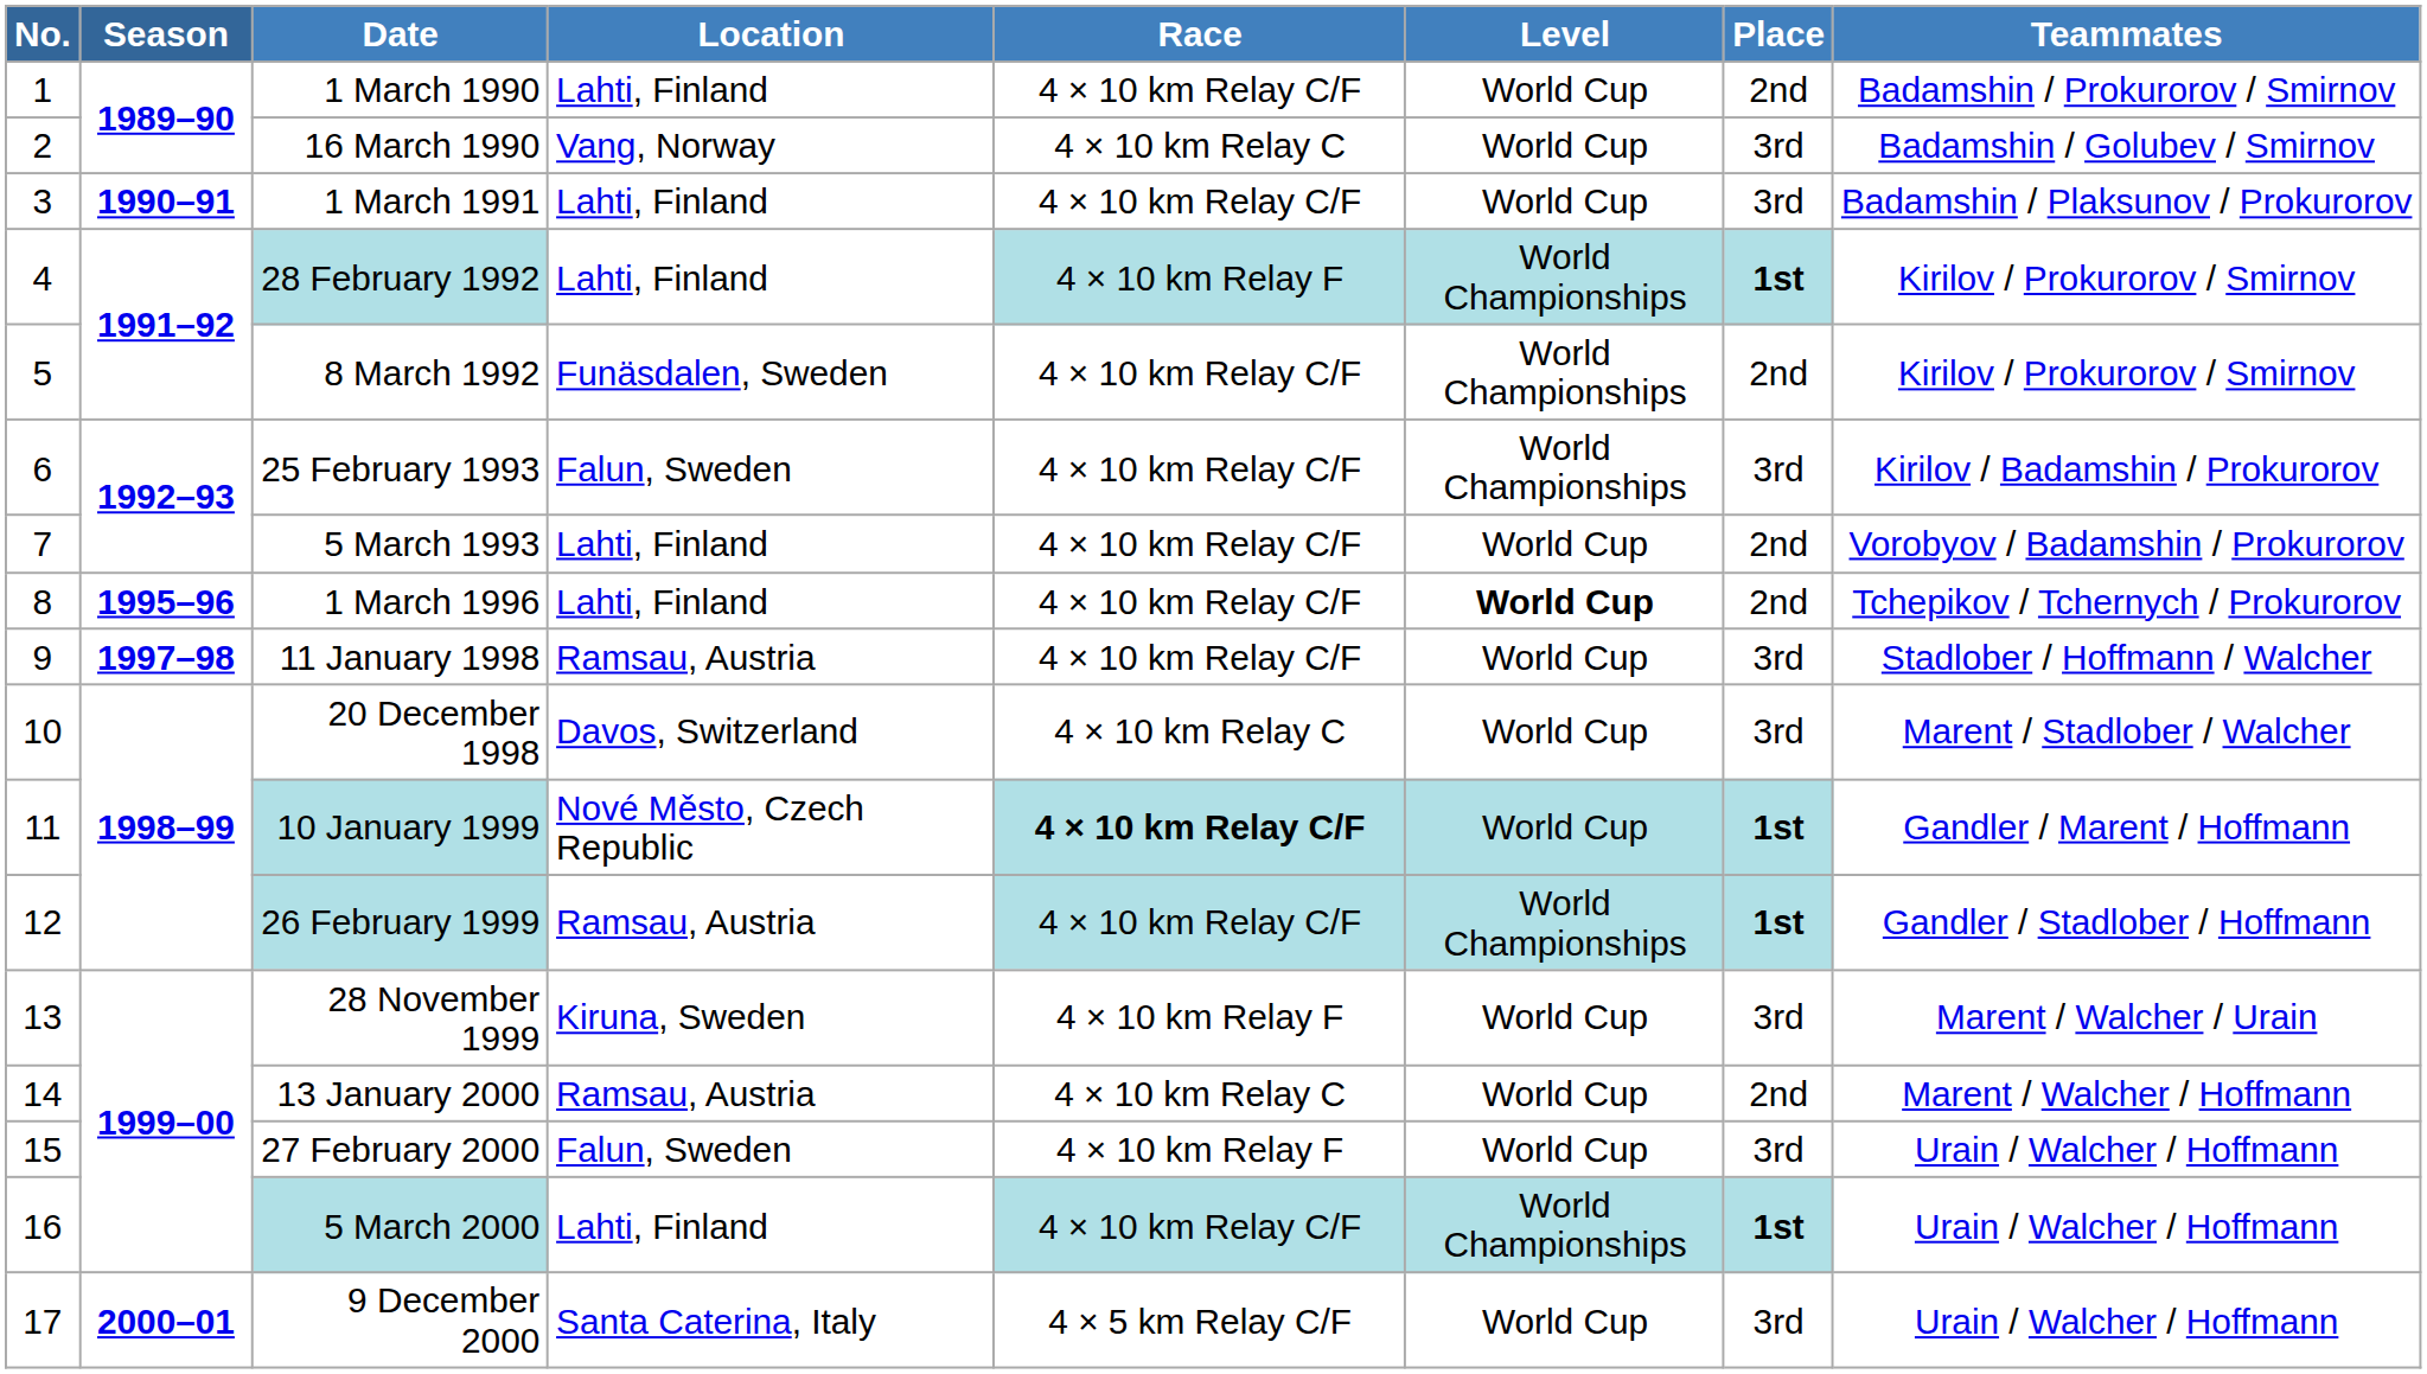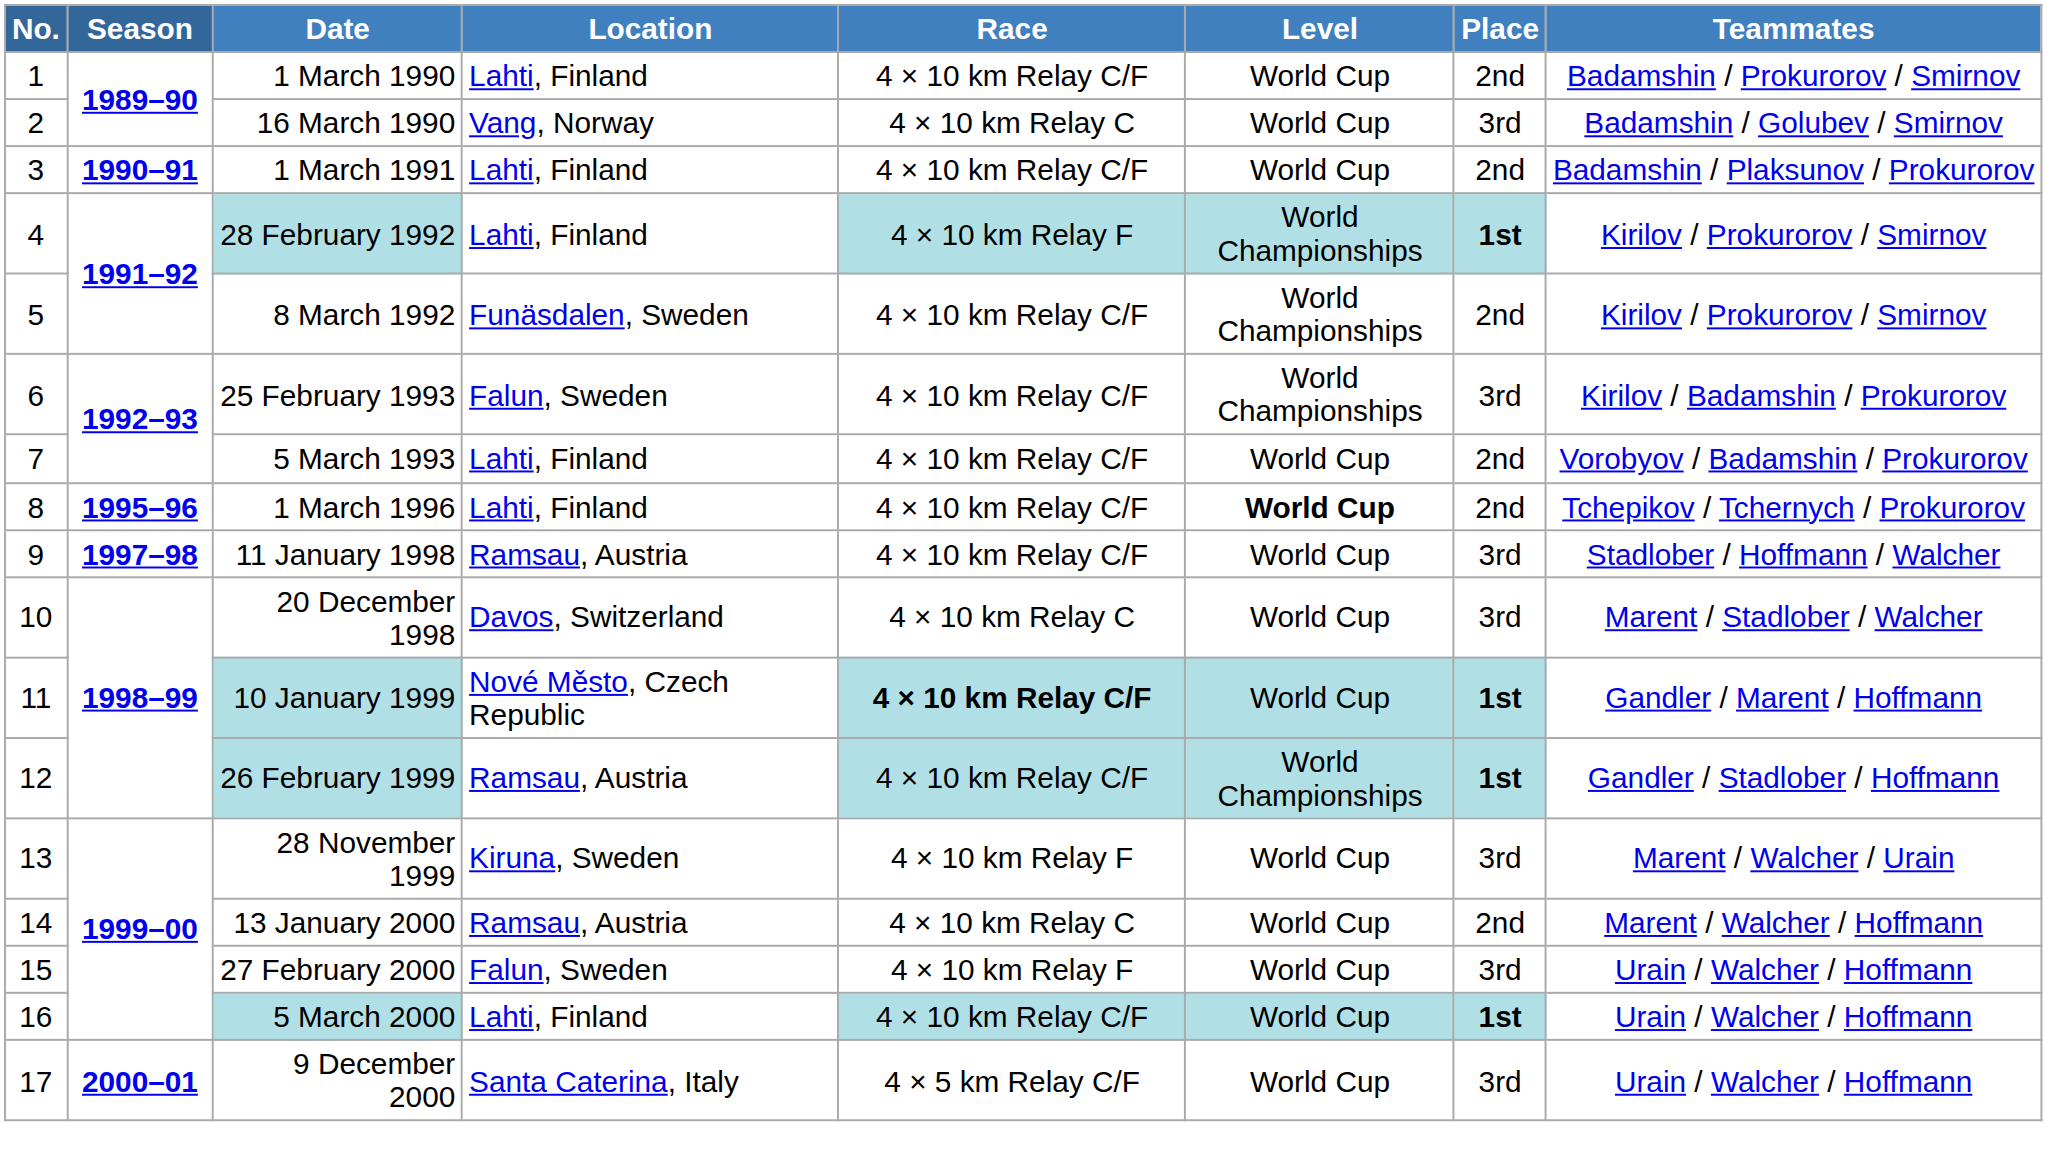 <table class="wikitable sortable" style="font-size:95%; text-align:center; border:grey solid 1px; border-collapse:collapse; background:#ffffff;">
 <tr style="background:#efefef;">
 <th style="background-color:#369; color:white;">No.</th>
 <th style="background-color:#369; color:white;">Season</th>
 <th style="background-color:#4180be; color:white; width:120px;">Date</th>
 <th style="background-color:#4180be; color:white; width:185px;">Location</th>
 <th style="background-color:#4180be; color:white; width:170px;">Race</th>
 <th style="background-color:#4180be; color:white; width:130px;">Level</th>
 <th style="background-color:#4180be; color:white;">Place</th>
 <th style="background-color:#4180be; color:white;">Teammates</th>
 </tr>
 <tr>
 <td align=center>1</td>
 <td rowspan=2 align=center><strong> <a href='#'>1989–90</a> </strong></td>
 <td align=right>1 March 1990</td>
 <td align=left> <a href='#'>Lahti</a>, Finland</td>
 <td>4 × 10 km Relay C/F</td>
 <td>World Cup</td>
 <td>2nd</td>
 <td><a href='#'>Badamshin</a> / <a href='#'>Prokurorov</a> / <a href='#'>Smirnov</a></td>
 </tr>
 <tr>
 <td align=center>2</td>
 <td align=right>16 March 1990</td>
 <td align=left> <a href='#'>Vang</a>, Norway</td>
 <td>4 × 10 km Relay C</td>
 <td>World Cup</td>
 <td>3rd</td>
 <td><a href='#'>Badamshin</a> / <a href='#'>Golubev</a> / <a href='#'>Smirnov</a></td>
 </tr>
 <tr>
 <td align=center>3</td>
 <td rowspan=1 align=center><strong> <a href='#'>1990–91</a> </strong></td>
 <td align=right>1 March 1991</td>
 <td align=left> <a href='#'>Lahti</a>, Finland</td>
 <td>4 × 10 km Relay C/F</td>
 <td>World Cup</td>
-<td>3rd</td>
+<td>2nd</td>
 <td><a href='#'>Badamshin</a> / <a href='#'>Plaksunov</a> / <a href='#'>Prokurorov</a></td>
 </tr>
 <tr>
 <td align=center>4</td>
 <td rowspan=2 align=center><strong><a href='#'>1991–92</a></strong></td>
 <td bgcolor="#BOEOE6" align=right>28 February 1992</td>
 <td align=left> <a href='#'>Lahti</a>, Finland</td>
 <td bgcolor="#BOEOE6">4 × 10 km Relay F</td>
 <td bgcolor="#BOEOE6">World Championships</td>
 <td bgcolor="#BOEOE6"><strong>1st</strong></td>
 <td><a href='#'>Kirilov</a> / <a href='#'>Prokurorov</a> / <a href='#'>Smirnov</a></td>
 </tr>
 <tr>
 <td align=center>5</td>
 <td align=right>8 March 1992</td>
 <td align=left> <a href='#'>Funäsdalen</a>, Sweden</td>
 <td>4 × 10 km Relay C/F</td>
 <td>World Championships</td>
 <td>2nd</td>
 <td><a href='#'>Kirilov</a> / <a href='#'>Prokurorov</a> / <a href='#'>Smirnov</a></td>
 </tr>
 <tr>
 <td align=center>6</td>
 <td rowspan=2 align=center><strong> <a href='#'>1992–93</a> </strong></td>
 <td align=right>25 February 1993</td>
 <td align=left> <a href='#'>Falun</a>, Sweden</td>
 <td>4 × 10 km Relay C/F</td>
 <td>World Championships</td>
 <td>3rd</td>
 <td><a href='#'>Kirilov</a> / <a href='#'>Badamshin</a> / <a href='#'>Prokurorov</a></td>
 </tr>
 <tr>
 <td align=center>7</td>
 <td align=right>5 March 1993</td>
 <td align=left> <a href='#'>Lahti</a>, Finland</td>
 <td>4 × 10 km Relay C/F</td>
 <td>World Cup</td>
 <td>2nd</td>
 <td><a href='#'>Vorobyov</a> / <a href='#'>Badamshin</a> / <a href='#'>Prokurorov</a></td>
 </tr>
 <tr>
 <td align=center>8</td>
 <td rowspan=1 align=center><strong> <a href='#'>1995–96</a> </strong></td>
 <td align=right>1 March 1996</td>
 <td align=left> <a href='#'>Lahti</a>, Finland</td>
 <td>4 × 10 km Relay C/F</td>
 <td><strong>World Cup</strong></td>
 <td>2nd</td>
 <td><a href='#'>Tchepikov</a> / <a href='#'>Tchernych</a> / <a href='#'>Prokurorov</a></td>
 </tr>
 <tr>
 <td align=center>9</td>
 <td rowspan=1 align=center><strong> <a href='#'>1997–98</a> </strong></td>
 <td align=right>11 January 1998</td>
 <td align=left> <a href='#'>Ramsau</a>, Austria</td>
 <td>4 × 10 km Relay C/F</td>
 <td>World Cup</td>
 <td>3rd</td>
 <td><a href='#'>Stadlober</a> / <a href='#'>Hoffmann</a> / <a href='#'>Walcher</a></td>
 </tr>
 <tr>
 <td align=center>10</td>
 <td rowspan=3 align=center><strong> <a href='#'>1998–99</a> </strong></td>
 <td align=right>20 December 1998</td>
 <td align=left> <a href='#'>Davos</a>, Switzerland</td>
 <td>4 × 10 km Relay C</td>
 <td>World Cup</td>
 <td>3rd</td>
 <td><a href='#'>Marent</a> / <a href='#'>Stadlober</a> / <a href='#'>Walcher</a></td>
 </tr>
 <tr>
 <td align=center>11</td>
 <td bgcolor="#BOEOE6" align=right>10 January 1999</td>
 <td align=left> <a href='#'>Nové Město</a>, Czech Republic</td>
 <td bgcolor="#BOEOE6"><strong>4 × 10 km Relay C/F</strong></td>
 <td bgcolor="#BOEOE6">World Cup</td>
 <td bgcolor="#BOEOE6"><strong>1st</strong></td>
 <td><a href='#'>Gandler</a> / <a href='#'>Marent</a> / <a href='#'>Hoffmann</a></td>
 </tr>
 <tr>
 <td align=center>12</td>
 <td bgcolor="#BOEOE6" align=right>26 February 1999</td>
 <td align=left> <a href='#'>Ramsau</a>, Austria</td>
 <td bgcolor="#BOEOE6">4 × 10 km Relay C/F</td>
 <td bgcolor="#BOEOE6">World Championships</td>
 <td bgcolor="#BOEOE6"><strong>1st</strong></td>
 <td><a href='#'>Gandler</a> / <a href='#'>Stadlober</a> / <a href='#'>Hoffmann</a></td>
 </tr>
 <tr>
 <td align=center>13</td>
 <td rowspan=4 align=center><strong> <a href='#'>1999–00</a> </strong></td>
 <td align=right>28 November 1999</td>
 <td align=left> <a href='#'>Kiruna</a>, Sweden</td>
 <td>4 × 10 km Relay F</td>
 <td>World Cup</td>
 <td>3rd</td>
 <td><a href='#'>Marent</a> / <a href='#'>Walcher</a> / <a href='#'>Urain</a></td>
 </tr>
 <tr>
 <td align=center>14</td>
 <td align=right>13 January 2000</td>
 <td align=left> <a href='#'>Ramsau</a>, Austria</td>
 <td>4 × 10 km Relay C</td>
 <td>World Cup</td>
 <td>2nd</td>
 <td><a href='#'>Marent</a> / <a href='#'>Walcher</a> / <a href='#'>Hoffmann</a></td>
 </tr>
 <tr>
 <td align=center>15</td>
 <td align=right>27 February 2000</td>
 <td align=left> <a href='#'>Falun</a>, Sweden</td>
 <td>4 × 10 km Relay F</td>
 <td>World Cup</td>
 <td>3rd</td>
 <td><a href='#'>Urain</a> / <a href='#'>Walcher</a> / <a href='#'>Hoffmann</a></td>
 </tr>
 <tr>
 <td align=center>16</td>
 <td bgcolor="#BOEOE6" align=right>5 March 2000</td>
 <td align=left> <a href='#'>Lahti</a>, Finland</td>
 <td bgcolor="#BOEOE6">4 × 10 km Relay C/F</td>
-<td bgcolor="#BOEOE6">World Championships</td>
+<td bgcolor="#BOEOE6">World Cup</td>
 <td bgcolor="#BOEOE6"><strong>1st</strong></td>
 <td><a href='#'>Urain</a> / <a href='#'>Walcher</a> / <a href='#'>Hoffmann</a></td>
 </tr>
 <tr>
 <td align=center>17</td>
 <td rowspan=1 align=center><strong> <a href='#'>2000–01</a> </strong></td>
 <td align=right>9 December 2000</td>
 <td align=left> <a href='#'>Santa Caterina</a>, Italy</td>
 <td>4 × 5 km Relay C/F</td>
 <td>World Cup</td>
 <td>3rd</td>
 <td><a href='#'>Urain</a> / <a href='#'>Walcher</a> / <a href='#'>Hoffmann</a></td>
 </tr>
 </table>
